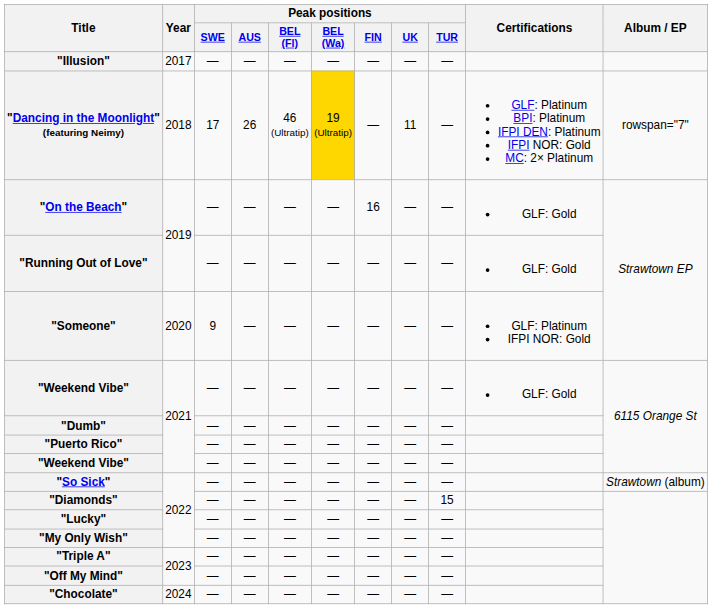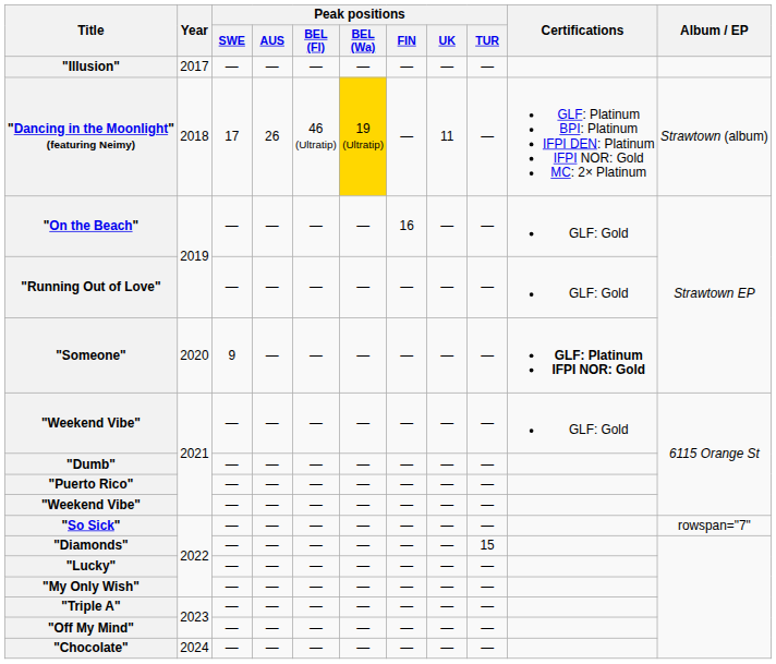 <table class="wikitable plainrowheaders" style="text-align:center">
 <tr>
 <th scope="col" rowspan="2">Title</th>
 <th scope="col" rowspan="2">Year</th>
 <th scope="col" colspan="7">Peak positions</th>
 <th scope="col" rowspan="2">Certifications</th>
 <th scope="col" rowspan="2">Album / EP</th>
 </tr>
 <tr>
 <th scope="col" style="width:3em;font-size:90%;"><a href='#'>SWE</a><br></th>
 <th scope="col" style="width:3em;font-size:90%;"><a href='#'>AUS</a><br></th>
 <th scope="col" style="width:3em;font-size:90%;"><a href='#'>BEL <br> (Fl)</a><br></th>
 <th scope="col" style="width:3em;font-size:90%;"><a href='#'>BEL <br> (Wa)</a><br></th>
 <th scope="col" style="width:3em;font-size:90%;"><a href='#'>FIN</a><br></th>
 <th scope="col" style="width:3em;font-size:90%;"><a href='#'>UK</a></th>
 <th scope="col" style="width:3em;font-size:90%;"><a href='#'>TUR</a> <br></th>
 </tr>
 <tr>
 <th scope="row">"Illusion"</th>
 <td>2017</td>
 <td>—</td>
 <td>—</td>
 <td>—</td>
 <td>—</td>
 <td>—</td>
 <td>—</td>
 <td>—</td>
 <td></td>
 <td></td>
 </tr>
 <tr>
 <th scope="row">"<a href='#'>Dancing in the Moonlight</a>" <br><small>(featuring Neimy)</small></th>
 <td>2018</td>
 <td>17</td>
 <td>26</td>
 <td>46 <br> <small>(Ultratip)</small></td>
 <td style="background: gold;">19 <small>(Ultratip)</small></td>
 <td>—</td>
 <td>11</td>
 <td>—</td>
 <td><br><ul><li><a href='#'>GLF</a>: Platinum</li><li><a href='#'>BPI</a>: Platinum</li><li><a href='#'>IFPI DEN</a>: Platinum</li><li><a href='#'>IFPI</a> NOR: Gold</li><li><a href='#'>MC</a>: 2× Platinum</li></ul></td>
-<td>rowspan="7" </td>
+<td><em>Strawtown</em> (album)</td>
 </tr>
 <tr>
 <th scope="row">"<a href='#'>On the Beach</a>"</th>
 <td rowspan="2">2019</td>
 <td>—</td>
 <td>—</td>
 <td>—</td>
 <td>—</td>
 <td>16</td>
 <td>—</td>
 <td>—</td>
 <td><br><ul><li>GLF: Gold</li></ul></td>
 <td rowspan=3><em>Strawtown EP</em></td>
 </tr>
 <tr>
 <th scope="row">"Running Out of Love"</th>
 <td>—</td>
 <td>—</td>
 <td>—</td>
 <td>—</td>
 <td>—</td>
 <td>—</td>
 <td>—</td>
 <td><br><ul><li>GLF: Gold</li></ul></td>
 </tr>
 <tr>
 <th scope="row">"Someone"</th>
 <td>2020</td>
 <td>9</td>
 <td>—</td>
 <td>—</td>
 <td>—</td>
 <td>—</td>
 <td>—</td>
 <td>—</td>
-<td><br><ul><li>GLF: Platinum</li><li>IFPI NOR: Gold</li></ul></td>
+<td><strong><br><ul><li>GLF: Platinum</li><li>IFPI NOR: Gold</li></ul></strong></td>
 </tr>
 <tr>
 <th scope="row">"Weekend Vibe"</th>
 <td rowspan="4">2021</td>
 <td>—</td>
 <td>—</td>
 <td>—</td>
 <td>—</td>
 <td>—</td>
 <td>—</td>
 <td>—</td>
 <td><br><ul><li>GLF: Gold</li></ul></td>
 <td rowspan="4"><em>6115 Orange St</em></td>
 </tr>
 <tr>
 <th scope="row">"Dumb"</th>
 <td>—</td>
 <td>—</td>
 <td>—</td>
 <td>—</td>
 <td>—</td>
 <td>—</td>
 <td>—</td>
 <td></td>
 </tr>
 <tr>
 <th scope="row">"Puerto Rico"</th>
 <td>—</td>
 <td>—</td>
 <td>—</td>
 <td>—</td>
 <td>—</td>
 <td>—</td>
 <td>—</td>
 <td></td>
 </tr>
 <tr>
 <th scope="row">"Weekend Vibe" <br></th>
 <td>—</td>
 <td>—</td>
 <td>—</td>
 <td>—</td>
 <td>—</td>
 <td>—</td>
 <td>—</td>
 <td></td>
 </tr>
 <tr>
 <th scope="row">"<a href='#'>So Sick</a>"</th>
 <td rowspan="4">2022</td>
 <td>—</td>
 <td>—</td>
 <td>—</td>
 <td>—</td>
 <td>—</td>
 <td>—</td>
 <td>—</td>
 <td></td>
-<td><em>Strawtown</em> (album)</td>
+<td>rowspan="7" </td>
 </tr>
 <tr>
 <th scope="row">"Diamonds" <br></th>
 <td>—</td>
 <td>—</td>
 <td>—</td>
 <td>—</td>
 <td>—</td>
 <td>—</td>
 <td>15</td>
 <td></td>
 </tr>
 <tr>
 <th scope="row">"Lucky" <br></th>
 <td>—</td>
 <td>—</td>
 <td>—</td>
 <td>—</td>
 <td>—</td>
 <td>—</td>
 <td>—</td>
 <td></td>
 </tr>
 <tr>
 <th scope="row">"My Only Wish" <br></th>
 <td>—</td>
 <td>—</td>
 <td>—</td>
 <td>—</td>
 <td>—</td>
 <td>—</td>
 <td>—</td>
 <td></td>
 </tr>
 <tr>
 <th scope="row">"Triple A" <br></th>
 <td rowspan="2">2023</td>
 <td>—</td>
 <td>—</td>
 <td>—</td>
 <td>—</td>
 <td>—</td>
 <td>—</td>
 <td>—</td>
 <td></td>
 </tr>
 <tr>
 <th scope ="row">"Off My Mind" <br></th>
 <td>—</td>
 <td>—</td>
 <td>—</td>
 <td>—</td>
 <td>—</td>
 <td>—</td>
 <td>—</td>
 <td></td>
 </tr>
 <tr>
 <th scope="row">"Chocolate"<br></th>
 <td>2024</td>
 <td>—</td>
 <td>—</td>
 <td>—</td>
 <td>—</td>
 <td>—</td>
 <td>—</td>
 <td>—</td>
 <td></td>
 </tr>
 </table>
